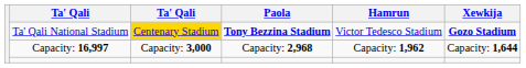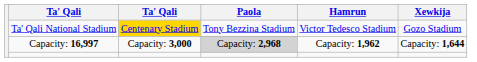 <table class="wikitable" style="text-align:center">
 <tr>
 <th rowspan="5"></th>
 <th><a href='#'>Ta' Qali</a></th>
 <th><a href='#'>Ta' Qali</a></th>
 <th><a href='#'>Paola</a></th>
 <th><a href='#'>Hamrun</a></th>
 <th><a href='#'>Xewkija</a></th>
 </tr>
 <tr>
 <td><a href='#'>Ta' Qali National Stadium</a></td>
 <td style="background: gold;"><a href='#'>Centenary Stadium</a></td>
-<td><strong><a href='#'>Tony Bezzina Stadium</a></strong></td>
+<td><a href='#'>Tony Bezzina Stadium</a></td>
 <td><a href='#'>Victor Tedesco Stadium</a></td>
-<td><strong><a href='#'>Gozo Stadium</a></strong></td>
+<td><a href='#'>Gozo Stadium</a></td>
 </tr>
 <tr>
 <td>Capacity: <strong>16,997</strong></td>
 <td>Capacity: <strong>3,000</strong></td>
-<td>Capacity: <strong>2,968</strong></td>
+<td style="background: lightgrey;">Capacity: <strong>2,968</strong></td>
 <td>Capacity: <strong>1,962</strong></td>
 <td>Capacity: <strong>1,644</strong></td>
 </tr>
 <tr>
 <td></td>
 <td></td>
 <td></td>
 <td></td>
 <td></td>
 </tr>
 </table>
